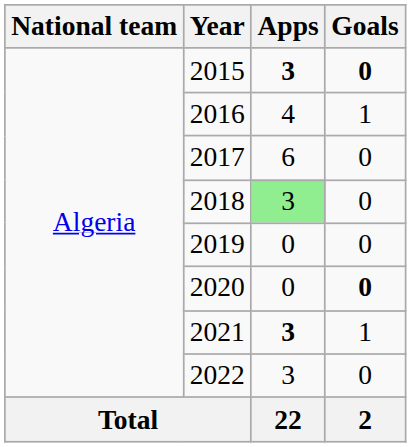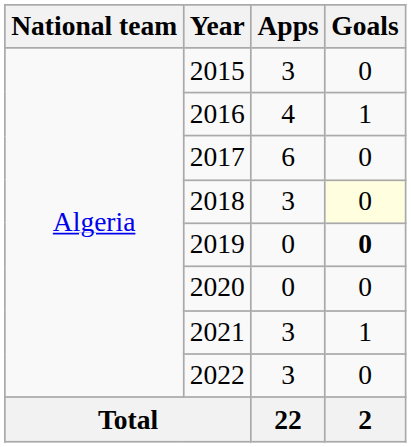 <table class="wikitable" style="text-align:center">
 <tr>
 <th>National team</th>
 <th>Year</th>
 <th>Apps</th>
 <th>Goals</th>
 </tr>
 <tr>
 <td rowspan="8"><a href='#'>Algeria</a></td>
 <td>2015</td>
-<td><strong>3</strong></td>
-<td><strong>0</strong></td>
+<td>3</td>
+<td>0</td>
 </tr>
 <tr>
 <td>2016</td>
 <td>4</td>
 <td>1</td>
 </tr>
 <tr>
 <td>2017</td>
 <td>6</td>
 <td>0</td>
 </tr>
 <tr>
 <td>2018</td>
-<td style="background: lightgreen;">3</td>
-<td>0</td>
+<td>3</td>
+<td style="background: lightyellow;">0</td>
 </tr>
 <tr>
 <td>2019</td>
 <td>0</td>
-<td>0</td>
+<td><strong>0</strong></td>
 </tr>
 <tr>
 <td>2020</td>
 <td>0</td>
-<td><strong>0</strong></td>
+<td>0</td>
 </tr>
 <tr>
 <td>2021</td>
-<td><strong>3</strong></td>
+<td>3</td>
 <td>1</td>
 </tr>
 <tr>
 <td>2022</td>
 <td>3</td>
 <td>0</td>
 </tr>
 <tr>
 <th colspan="2">Total</th>
 <th>22</th>
 <th>2</th>
 </tr>
 </table>
